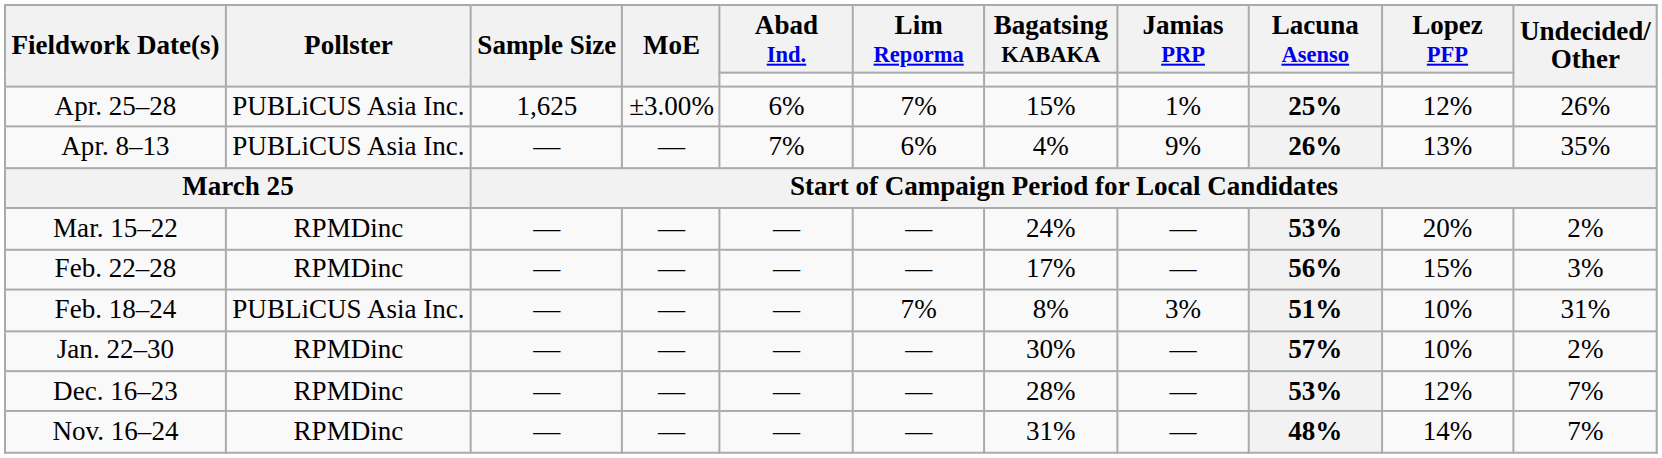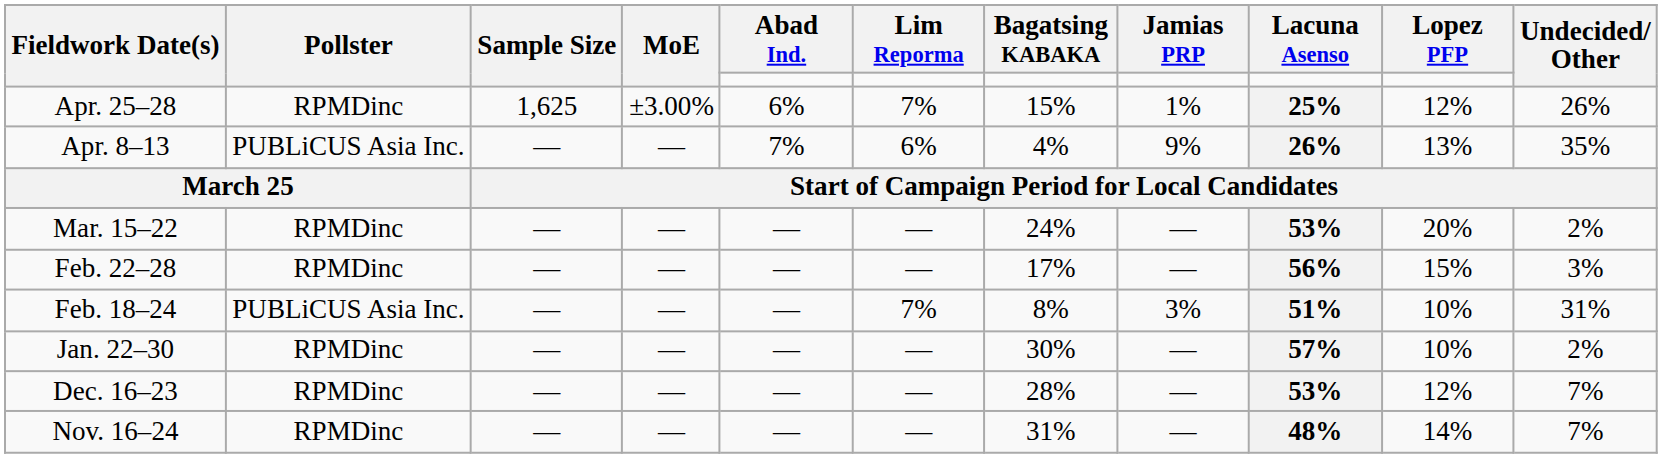 <table class="wikitable" style="text-align:center;font-size:85%;line-height:14px">
 <tr>
 <th rowspan="2">Fieldwork Date(s)</th>
 <th rowspan="2">Pollster</th>
 <th rowspan="2">Sample Size</th>
 <th rowspan="2">MoE</th>
 <th style="width:60px;">Abad<br><small><a href='#'>Ind.</a></small></th>
 <th style="width:60px;">Lim<br><small><a href='#'>Reporma</a></small></th>
 <th style="width:60px;">Bagatsing<br><small>KABAKA</small></th>
 <th style="width:60px;">Jamias<br><small><a href='#'>PRP</a></small></th>
 <th style="width:60px;">Lacuna<br><small><a href='#'>Asenso</a></small></th>
 <th style="width:60px;">Lopez<br><small><a href='#'>PFP</a></small></th>
 <th rowspan="2" style="width:60px;">Undecided/<br>Other</th>
 </tr>
 <tr>
 <td style="background:"></td>
 <td style="background:"></td>
 <td style="background:"></td>
 <td style="background:"></td>
 <td style="background:"></td>
 <td style="background:"></td>
 </tr>
 <tr>
 <td>Apr. 25–28</td>
-<td>PUBLiCUS Asia Inc.</td>
+<td>RPMDinc</td>
 <td>1,625</td>
 <td>±3.00%</td>
 <td>6%</td>
 <td>7%</td>
 <td>15%</td>
 <td>1%</td>
 <th style="background-color:#">25%</th>
 <td>12%</td>
 <td>26%</td>
 </tr>
 <tr>
 <td>Apr. 8–13</td>
 <td>PUBLiCUS Asia Inc.</td>
 <td>—</td>
 <td>—</td>
 <td>7%</td>
 <td>6%</td>
 <td>4%</td>
 <td>9%</td>
 <th style="background-color:#"><strong>26%</strong></th>
 <td>13%</td>
 <td>35%</td>
 </tr>
 <tr>
 <th colspan="2">March 25</th>
 <th colspan="9">Start of Campaign Period for Local Candidates</th>
 </tr>
 <tr>
 <td>Mar. 15–22</td>
 <td>RPMDinc</td>
 <td>—</td>
 <td>—</td>
 <td>—</td>
 <td>—</td>
 <td>24%</td>
 <td>—</td>
 <th style="background-color:#"><strong>53%</strong></th>
 <td>20%</td>
 <td>2%</td>
 </tr>
 <tr>
 <td>Feb. 22–28</td>
 <td>RPMDinc</td>
 <td>—</td>
 <td>—</td>
 <td>—</td>
 <td>—</td>
 <td>17%</td>
 <td>—</td>
 <th style="background-color:#"><strong>56%</strong></th>
 <td>15%</td>
 <td>3%</td>
 </tr>
 <tr>
 <td>Feb. 18–24</td>
 <td>PUBLiCUS Asia Inc.</td>
 <td>—</td>
 <td>—</td>
 <td>—</td>
 <td>7%</td>
 <td>8%</td>
 <td>3%</td>
 <th style="background-color:#"><strong>51%</strong></th>
 <td>10%</td>
 <td>31%</td>
 </tr>
 <tr>
 <td>Jan. 22–30</td>
 <td>RPMDinc</td>
 <td>—</td>
 <td>—</td>
 <td>—</td>
 <td>—</td>
 <td>30%</td>
 <td>—</td>
 <th style="background-color:#"><strong>57%</strong></th>
 <td>10%</td>
 <td>2%</td>
 </tr>
 <tr>
 <td>Dec. 16–23</td>
 <td>RPMDinc</td>
 <td>—</td>
 <td>—</td>
 <td>—</td>
 <td>—</td>
 <td>28%</td>
 <td>—</td>
 <th style="background-color:#"><strong>53%</strong></th>
 <td>12%</td>
 <td>7%</td>
 </tr>
 <tr>
 <td>Nov. 16–24</td>
 <td>RPMDinc</td>
 <td>—</td>
 <td>—</td>
 <td>—</td>
 <td>—</td>
 <td>31%</td>
 <td>—</td>
 <th style="background-color:#"><strong>48%</strong></th>
 <td>14%</td>
 <td>7%</td>
 </tr>
 </table>
